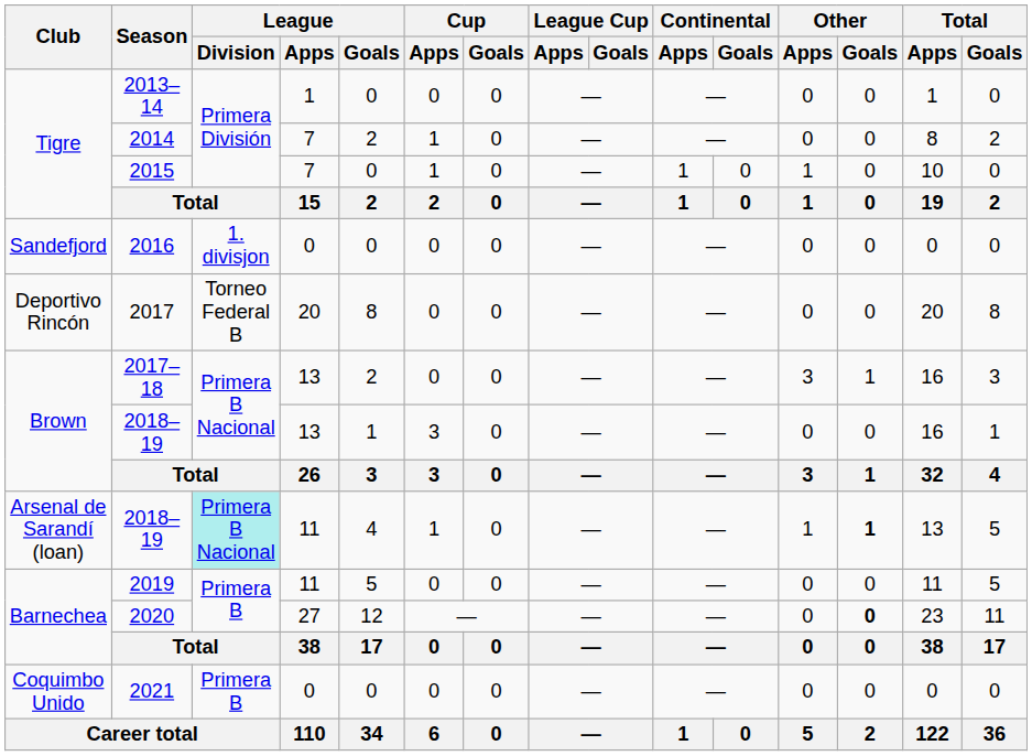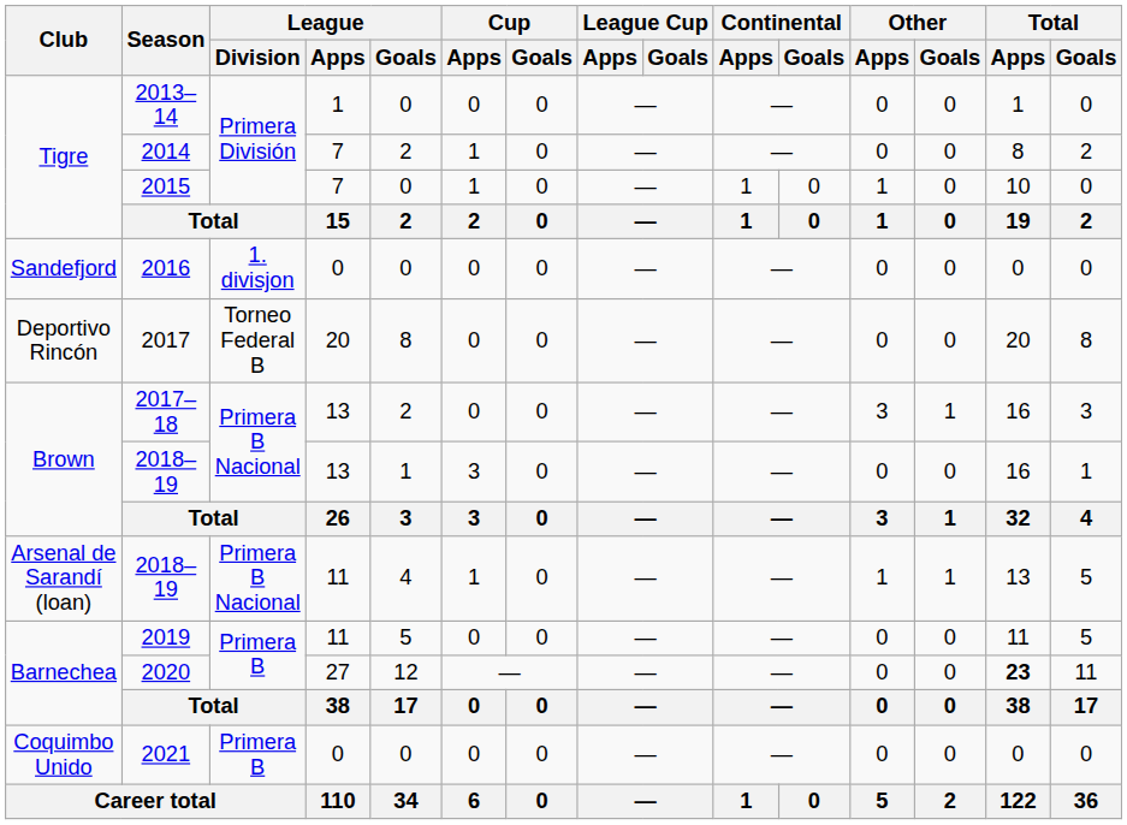 <table class="wikitable" style="text-align:center">
 <tr>
 <th rowspan="2">Club</th>
 <th rowspan="2">Season</th>
 <th colspan="3">League</th>
 <th colspan="2">Cup</th>
 <th colspan="2">League Cup</th>
 <th colspan="2">Continental</th>
 <th colspan="2">Other</th>
 <th colspan="2">Total</th>
 </tr>
 <tr>
 <th>Division</th>
 <th>Apps</th>
 <th>Goals</th>
 <th>Apps</th>
 <th>Goals</th>
 <th>Apps</th>
 <th>Goals</th>
 <th>Apps</th>
 <th>Goals</th>
 <th>Apps</th>
 <th>Goals</th>
 <th>Apps</th>
 <th>Goals</th>
 </tr>
 <tr>
 <td rowspan="4"><a href='#'>Tigre</a></td>
 <td><a href='#'>2013–14</a></td>
 <td rowspan="3"><a href='#'>Primera División</a></td>
 <td>1</td>
 <td>0</td>
 <td>0</td>
 <td>0</td>
 <td colspan="2">—</td>
 <td colspan="2">—</td>
 <td>0</td>
 <td>0</td>
 <td>1</td>
 <td>0</td>
 </tr>
 <tr>
 <td><a href='#'>2014</a></td>
 <td>7</td>
 <td>2</td>
 <td>1</td>
 <td>0</td>
 <td colspan="2">—</td>
 <td colspan="2">—</td>
 <td>0</td>
 <td>0</td>
 <td>8</td>
 <td>2</td>
 </tr>
 <tr>
 <td><a href='#'>2015</a></td>
 <td>7</td>
 <td>0</td>
 <td>1</td>
 <td>0</td>
 <td colspan="2">—</td>
 <td>1</td>
 <td>0</td>
 <td>1</td>
 <td>0</td>
 <td>10</td>
 <td>0</td>
 </tr>
 <tr>
 <th colspan="2">Total</th>
 <th>15</th>
 <th>2</th>
 <th>2</th>
 <th>0</th>
 <th colspan="2">—</th>
 <th>1</th>
 <th>0</th>
 <th>1</th>
 <th>0</th>
 <th>19</th>
 <th>2</th>
 </tr>
 <tr>
 <td rowspan="1"><a href='#'>Sandefjord</a></td>
 <td><a href='#'>2016</a></td>
 <td rowspan="1"><a href='#'>1. divisjon</a></td>
 <td>0</td>
 <td>0</td>
 <td>0</td>
 <td>0</td>
 <td colspan="2">—</td>
 <td colspan="2">—</td>
 <td>0</td>
 <td>0</td>
 <td>0</td>
 <td>0</td>
 </tr>
 <tr>
 <td rowspan="1">Deportivo Rincón</td>
 <td>2017</td>
 <td rowspan="1">Torneo Federal B</td>
 <td>20</td>
 <td>8</td>
 <td>0</td>
 <td>0</td>
 <td colspan="2">—</td>
 <td colspan="2">—</td>
 <td>0</td>
 <td>0</td>
 <td>20</td>
 <td>8</td>
 </tr>
 <tr>
 <td rowspan="3"><a href='#'>Brown</a></td>
 <td><a href='#'>2017–18</a></td>
 <td rowspan="2"><a href='#'>Primera B Nacional</a></td>
 <td>13</td>
 <td>2</td>
 <td>0</td>
 <td>0</td>
 <td colspan="2">—</td>
 <td colspan="2">—</td>
 <td>3</td>
 <td>1</td>
 <td>16</td>
 <td>3</td>
 </tr>
 <tr>
 <td><a href='#'>2018–19</a></td>
 <td>13</td>
 <td>1</td>
 <td>3</td>
 <td>0</td>
 <td colspan="2">—</td>
 <td colspan="2">—</td>
 <td>0</td>
 <td>0</td>
 <td>16</td>
 <td>1</td>
 </tr>
 <tr>
 <th colspan="2">Total</th>
 <th>26</th>
 <th>3</th>
 <th>3</th>
 <th>0</th>
 <th colspan="2">—</th>
 <th colspan="2">—</th>
 <th>3</th>
 <th>1</th>
 <th>32</th>
 <th>4</th>
 </tr>
 <tr>
 <td rowspan="1"><a href='#'>Arsenal de Sarandí</a> (loan)</td>
 <td><a href='#'>2018–19</a></td>
-<td rowspan="1" style="background: paleturquoise;"><a href='#'>Primera B Nacional</a></td>
+<td rowspan="1"><a href='#'>Primera B Nacional</a></td>
 <td>11</td>
 <td>4</td>
 <td>1</td>
 <td>0</td>
 <td colspan="2">—</td>
 <td colspan="2">—</td>
 <td>1</td>
-<td><strong>1</strong></td>
+<td>1</td>
 <td>13</td>
 <td>5</td>
 </tr>
 <tr>
 <td rowspan="3"><a href='#'>Barnechea</a></td>
 <td><a href='#'>2019</a></td>
 <td rowspan="2"><a href='#'>Primera B</a></td>
 <td>11</td>
 <td>5</td>
 <td>0</td>
 <td>0</td>
 <td colspan="2">—</td>
 <td colspan="2">—</td>
 <td>0</td>
 <td>0</td>
 <td>11</td>
 <td>5</td>
 </tr>
 <tr>
 <td><a href='#'>2020</a></td>
 <td>27</td>
 <td>12</td>
 <td colspan="2">—</td>
 <td colspan="2">—</td>
 <td colspan="2">—</td>
 <td>0</td>
-<td><strong>0</strong></td>
-<td>23</td>
+<td>0</td>
+<td><strong>23</strong></td>
 <td>11</td>
 </tr>
 <tr>
 <th colspan="2">Total</th>
 <th>38</th>
 <th>17</th>
 <th>0</th>
 <th>0</th>
 <th colspan="2">—</th>
 <th colspan="2">—</th>
 <th>0</th>
 <th>0</th>
 <th>38</th>
 <th>17</th>
 </tr>
 <tr>
 <td><a href='#'>Coquimbo Unido</a></td>
 <td><a href='#'>2021</a></td>
 <td><a href='#'>Primera B</a></td>
 <td>0</td>
 <td>0</td>
 <td>0</td>
 <td>0</td>
 <td colspan="2">—</td>
 <td colspan="2">—</td>
 <td>0</td>
 <td>0</td>
 <td>0</td>
 <td>0</td>
 </tr>
 <tr>
 <th colspan="3">Career total</th>
 <th>110</th>
 <th>34</th>
 <th>6</th>
 <th>0</th>
 <th colspan="2">—</th>
 <th>1</th>
 <th>0</th>
 <th>5</th>
 <th>2</th>
 <th>122</th>
 <th>36</th>
 </tr>
 </table>
